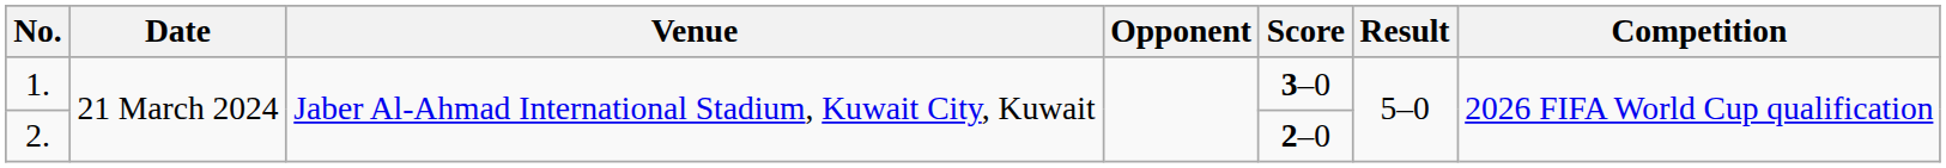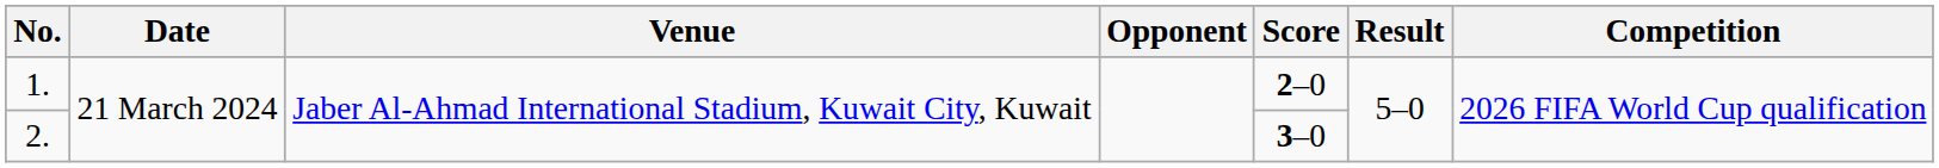 <table class="wikitable sortable">
 <tr>
 <th>No.</th>
 <th>Date</th>
 <th>Venue</th>
 <th>Opponent</th>
 <th>Score</th>
 <th>Result</th>
 <th>Competition</th>
 </tr>
 <tr>
 <td align=center>1.</td>
 <td rowspan="2">21 March 2024</td>
 <td rowspan="2"><a href='#'>Jaber Al-Ahmad International Stadium</a>, <a href='#'>Kuwait City</a>, Kuwait</td>
 <td rowspan="2"></td>
-<td align=center><strong>3</strong>–0</td>
+<td align=center><strong>2</strong>–0</td>
 <td align=center rowspan="3">5–0</td>
 <td rowspan="2"><a href='#'>2026 FIFA World Cup qualification</a></td>
 </tr>
 <tr>
 <td align=center>2.</td>
-<td align=center><strong>2</strong>–0</td>
+<td align=center><strong>3</strong>–0</td>
 </tr>
 </table>
